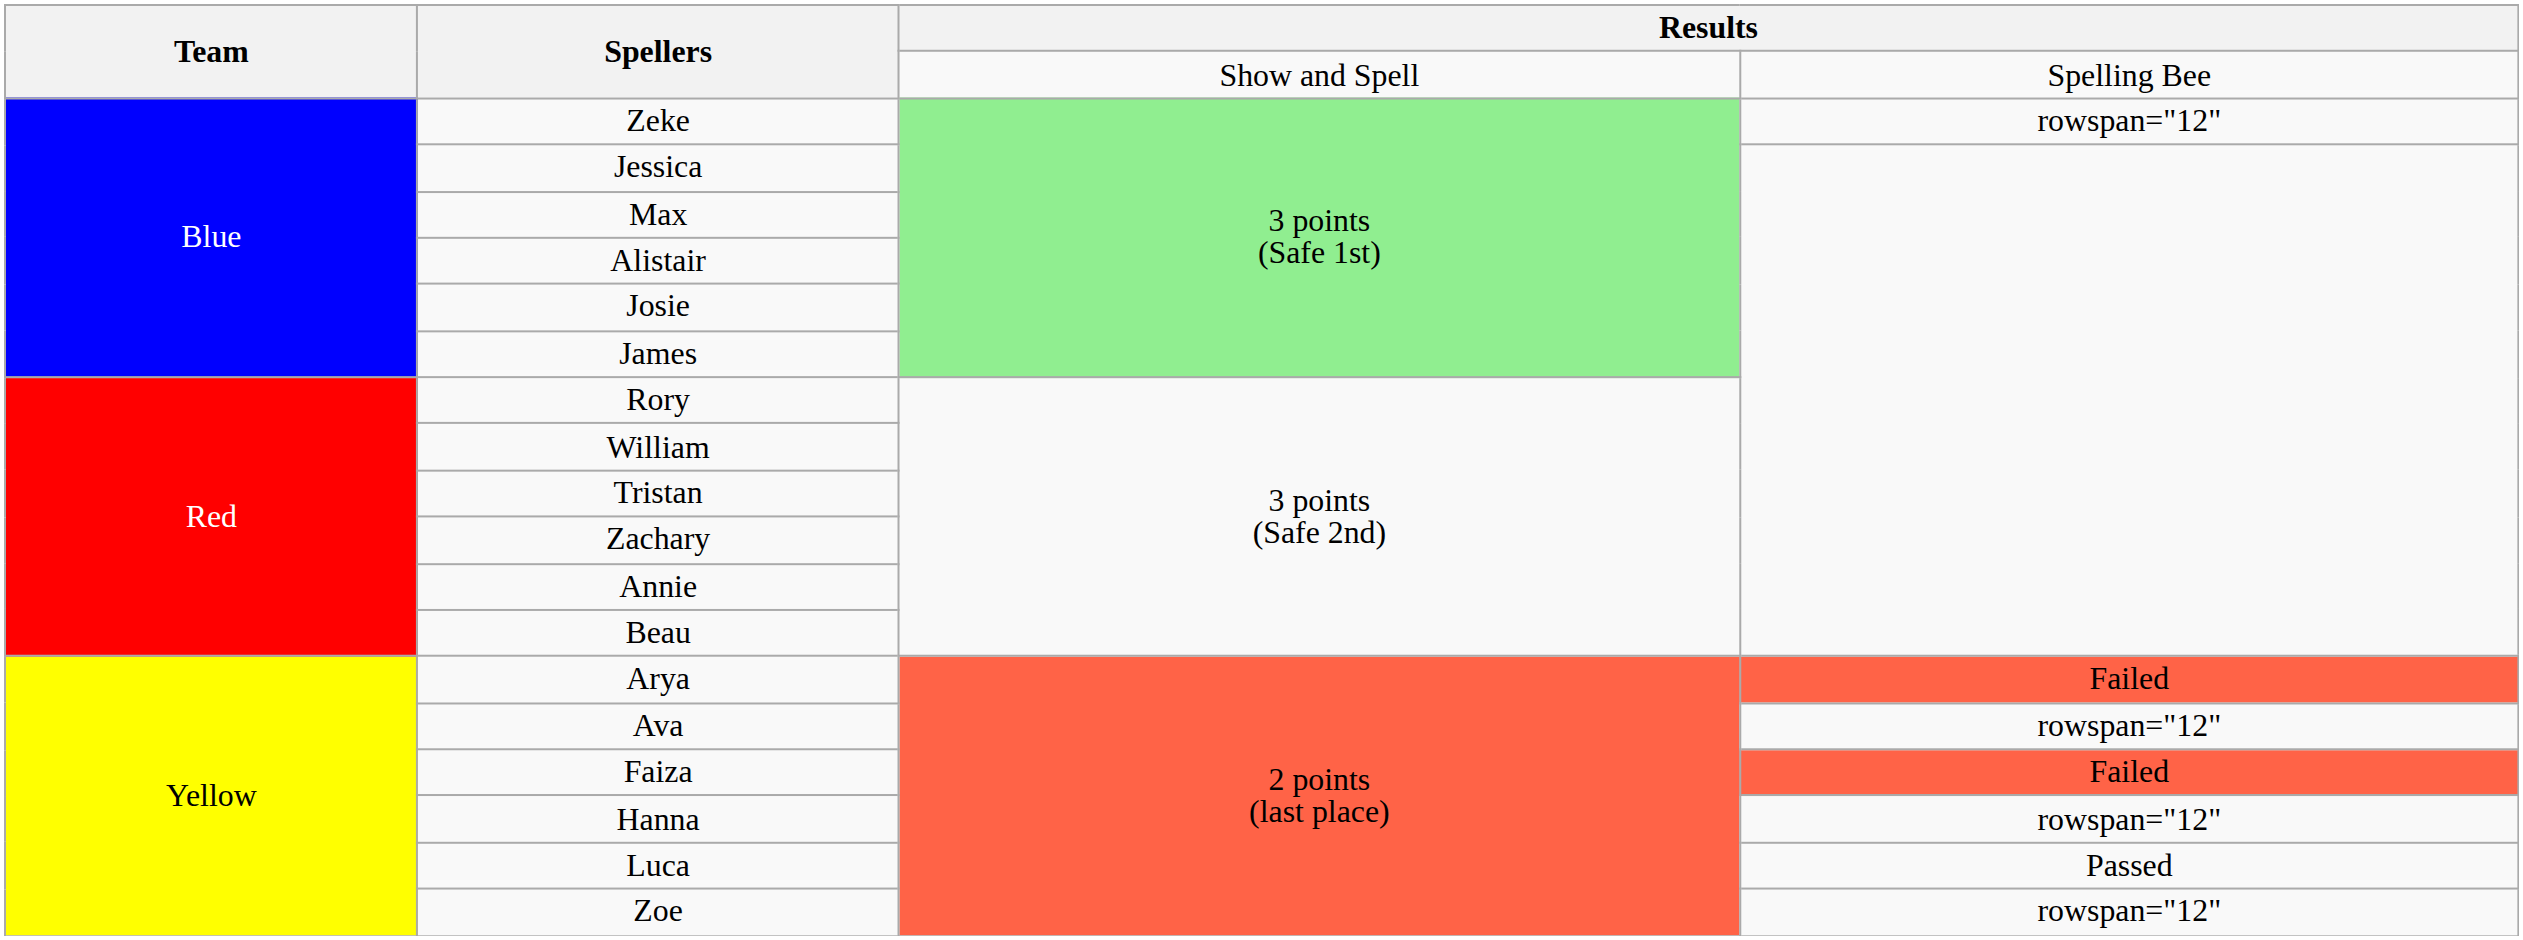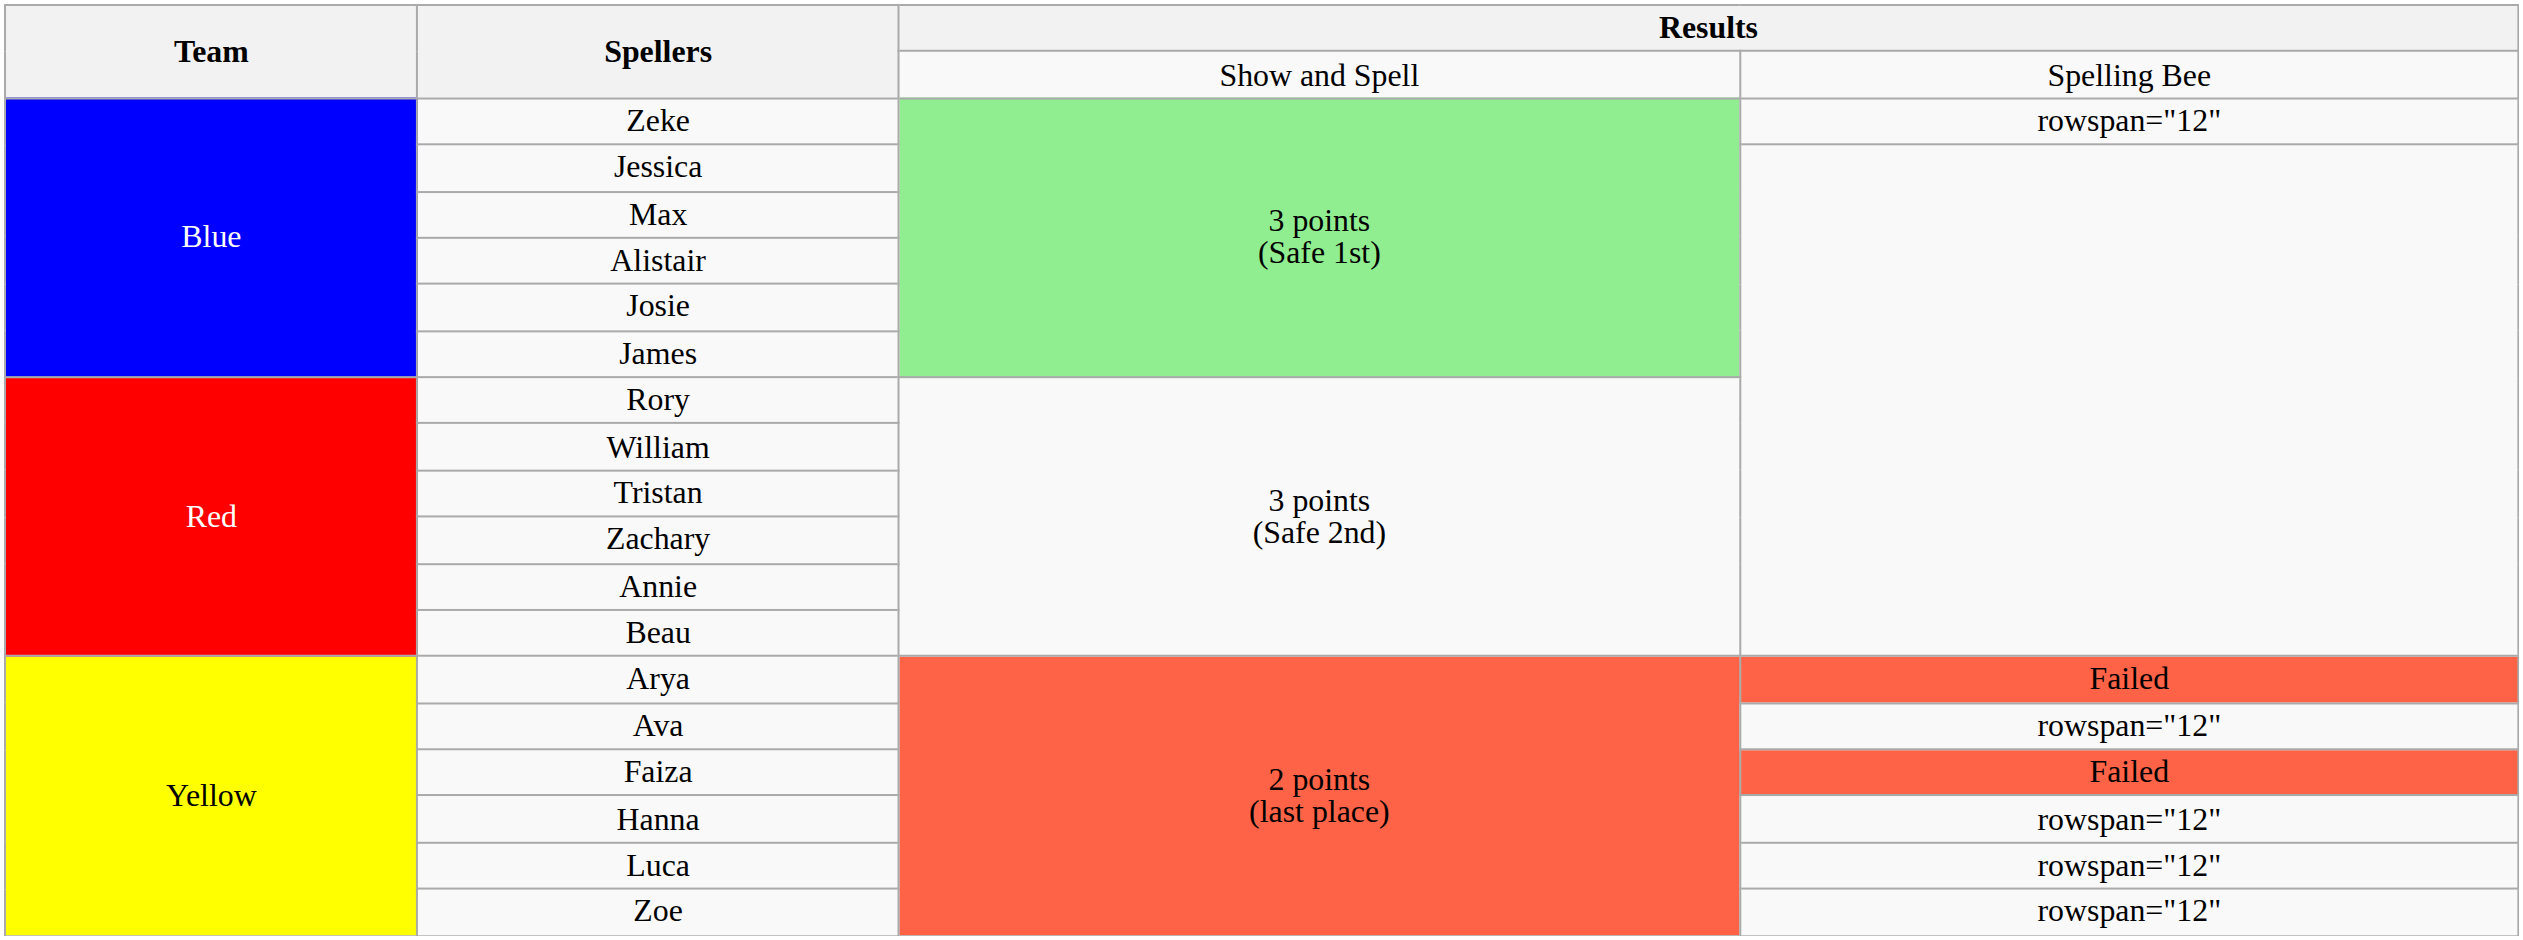 <table class="wikitable plainrowheaders" style="text-align:center; line-height:16px; width:100%;">
 <tr>
 <th rowspan="2">Team</th>
 <th rowspan="2">Spellers</th>
 <th colspan="2">Results</th>
 </tr>
 <tr>
 <td>Show and Spell</td>
 <td>Spelling Bee</td>
 </tr>
 <tr>
 <td rowspan="6" style="background: blue; color: white;">Blue</td>
 <td>Zeke</td>
 <td rowspan="6" style="background: lightgreen; color: black;">3 points<br>(Safe 1st)</td>
 <td>rowspan="12" </td>
 </tr>
 <tr>
 <td>Jessica </td>
 </tr>
 <tr>
 <td>Max </td>
 </tr>
 <tr>
 <td>Alistair </td>
 </tr>
 <tr>
 <td>Josie </td>
 </tr>
 <tr>
 <td>James </td>
 </tr>
 <tr>
 <td rowspan="6" style="background: red; color: white;">Red</td>
 <td>Rory</td>
 <td rowspan="6">3 points<br>(Safe 2nd)</td>
 </tr>
 <tr>
 <td>William </td>
 </tr>
 <tr>
 <td>Tristan </td>
 </tr>
 <tr>
 <td>Zachary </td>
 </tr>
 <tr>
 <td>Annie </td>
 </tr>
 <tr>
 <td>Beau </td>
 </tr>
 <tr>
 <td rowspan="6" style="background: yellow; color: black;">Yellow</td>
 <td>Arya</td>
 <td rowspan="6" style="background: tomato; color: black;">2 points<br>(last place)</td>
 <td style="background: tomato; color: black;">Failed</td>
 </tr>
 <tr>
 <td>Ava </td>
 <td>rowspan="12" </td>
 </tr>
 <tr>
 <td>Faiza </td>
 <td style="background: tomato; color: black;">Failed</td>
 </tr>
 <tr>
 <td>Hanna </td>
 <td>rowspan="12" </td>
 </tr>
 <tr>
 <td>Luca </td>
-<td>Passed</td>
+<td>rowspan="12" </td>
 </tr>
 <tr>
 <td>Zoe </td>
 <td>rowspan="12" </td>
 </tr>
 </table>
